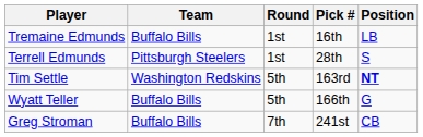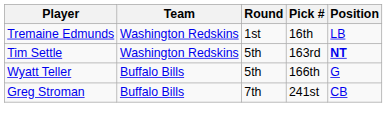 <table class="wikitable">
 <tr>
 <th>Player</th>
 <th>Team</th>
 <th>Round</th>
 <th>Pick #</th>
 <th>Position</th>
 </tr>
 <tr>
 <td><a href='#'>Tremaine Edmunds</a></td>
-<td><a href='#'>Buffalo Bills</a></td>
+<td><a href='#'>Washington Redskins</a></td>
 <td>1st</td>
 <td>16th</td>
 <td><a href='#'>LB</a></td>
-</tr>
-<tr>
-<td><a href='#'>Terrell Edmunds</a></td>
-<td><a href='#'>Pittsburgh Steelers</a></td>
-<td>1st</td>
-<td>28th</td>
-<td><a href='#'>S</a></td>
 </tr>
 <tr>
 <td><a href='#'>Tim Settle</a></td>
 <td><a href='#'>Washington Redskins</a></td>
 <td>5th</td>
 <td>163rd</td>
 <td><strong><a href='#'>NT</a></strong></td>
 </tr>
 <tr>
 <td><a href='#'>Wyatt Teller</a></td>
 <td><a href='#'>Buffalo Bills</a></td>
 <td>5th</td>
 <td>166th</td>
 <td><a href='#'>G</a></td>
 </tr>
 <tr>
 <td><a href='#'>Greg Stroman</a></td>
 <td><a href='#'>Buffalo Bills</a></td>
 <td>7th</td>
 <td>241st</td>
 <td><a href='#'>CB</a></td>
 </tr>
 </table>
